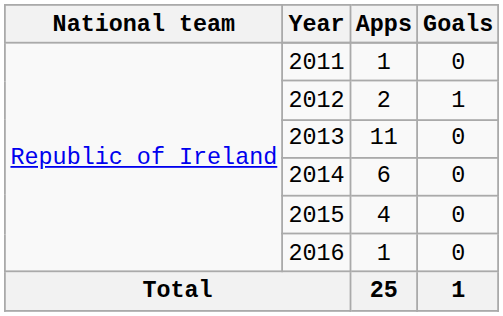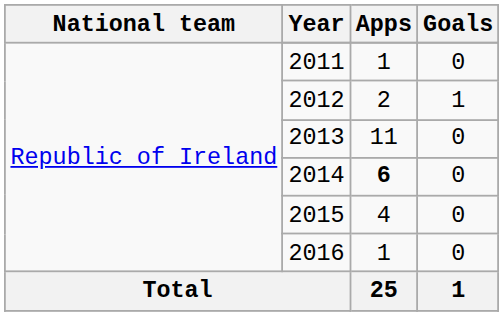 <table class="wikitable" style="text-align: center;">
 <tr>
 <th>National team</th>
 <th>Year</th>
 <th>Apps</th>
 <th>Goals</th>
 </tr>
 <tr>
 <td rowspan=7><a href='#'>Republic of Ireland</a></td>
 </tr>
 <tr>
 <td>2011</td>
 <td>1</td>
 <td>0</td>
 </tr>
 <tr>
 <td>2012</td>
 <td>2</td>
 <td>1</td>
 </tr>
 <tr>
 <td>2013</td>
 <td>11</td>
 <td>0</td>
 </tr>
 <tr>
 <td>2014</td>
-<td>6</td>
+<td><strong>6</strong></td>
 <td>0</td>
 </tr>
 <tr>
 <td>2015</td>
 <td>4</td>
 <td>0</td>
 </tr>
 <tr>
 <td>2016</td>
 <td>1</td>
 <td>0</td>
 </tr>
 <tr>
 <th colspan=2>Total</th>
 <th>25</th>
 <th>1</th>
 </tr>
 </table>
